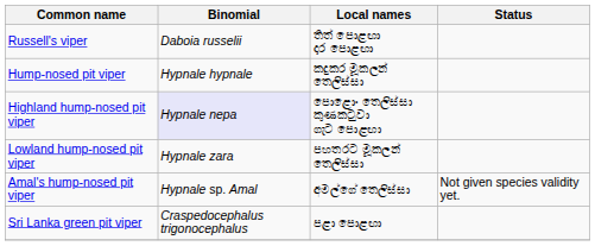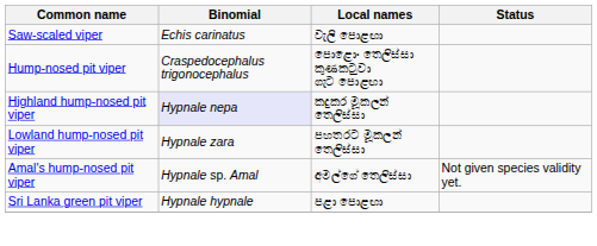 <table width=60% class="wikitable">
 <tr>
 <th width=24%>Common name</th>
 <th width=24%>Binomial</th>
 <th width=20%>Local names</th>
 <th width=24%>Status</th>
 </tr>
 <tr>
-<td><a href='#'>Russell's viper</a><br></td>
-<td><em>Daboia russelii</em></td>
-<td>තිත් පොළඟා <br> දාර පොළඟා</td>
+<td><a href='#'>Saw-scaled viper</a><br></td>
+<td><em>Echis carinatus</em></td>
+<td>වැලි පොළඟා</td>
 <td></td>
 </tr>
 <tr>
 <td><a href='#'>Hump-nosed pit viper</a><br></td>
-<td><em>Hypnale hypnale</em></td>
-<td>කදුකර මූකලන් තෙලිස්සා</td>
+<td><em>Craspedocephalus trigonocephalus</em></td>
+<td>පොළොං තෙලිස්සා <br>කුණක‍ටුවා <br>ගැට පොළඟා</td>
 <td></td>
 </tr>
 <tr>
 <td><a href='#'>Highland hump-nosed pit viper</a><br></td>
 <td style="background: lavender;"><em>Hypnale nepa</em></td>
-<td>පොළොං තෙලිස්සා <br>කුණක‍ටුවා <br>ගැට පොළඟා</td>
+<td>කදුකර මූකලන් තෙලිස්සා</td>
 <td></td>
 </tr>
 <tr>
 <td><a href='#'>Lowland hump-nosed pit viper</a><br></td>
 <td><em>Hypnale zara</em></td>
 <td>පහතරට මූකලන් තෙලිස්සා</td>
 <td></td>
 </tr>
 <tr>
 <td><a href='#'>Amal's hump-nosed pit viper</a></td>
 <td><em>Hypnale</em> sp. <em>Amal</em></td>
 <td>අමල්ගේ තෙලිස්සා</td>
 <td>Not given species validity yet.</td>
 </tr>
 <tr>
 <td><a href='#'>Sri Lanka green pit viper</a><br></td>
-<td><em>Craspedocephalus trigonocephalus</em></td>
+<td><em>Hypnale hypnale</em></td>
 <td>පළා පොළඟා</td>
 <td></td>
 </tr>
 <tr>
 </tr>
 </table>
